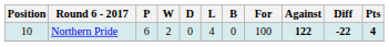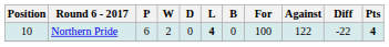 <table class="wikitable" style="text-align:center; font-size:85%;">
 <tr>
 <th width=40 abbr="Position">Position</th>
 <th width=100>Round 6 - 2017</th>
 <th width=20 abbr="Played">P</th>
 <th width=20 abbr="Won">W</th>
 <th width=20 abbr="Drawn">D</th>
 <th width=20 abbr="Lost">L</th>
 <th width=20 abbr="Bye">B</th>
 <th width=40 abbr="Points for">For</th>
 <th width=40 abbr="Points against">Against</th>
 <th width=40 abbr="Points difference">Diff</th>
 <th width=20 abbr="Points">Pts</th>
 </tr>
 <tr style="background: #d7ebed;">
 <td>10</td>
 <td style="text-align:left;"> <a href='#'>Northern Pride</a></td>
 <td>6</td>
 <td>2</td>
 <td>0</td>
-<td>4</td>
+<td><strong>4</strong></td>
 <td>0</td>
 <td>100</td>
-<td><strong>122</strong></td>
-<td><strong>-22</strong></td>
+<td>122</td>
+<td>-22</td>
 <td><strong>4</strong></td>
 </tr>
 <tr>
 </tr>
 </table>
